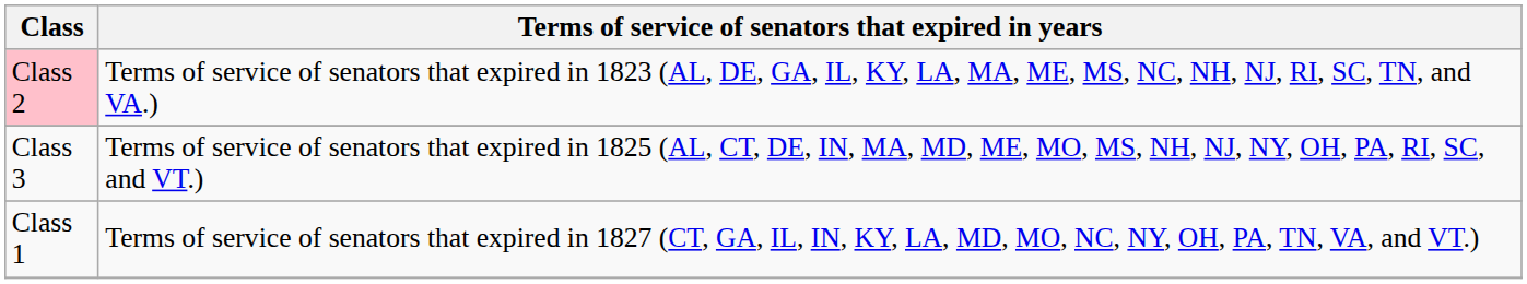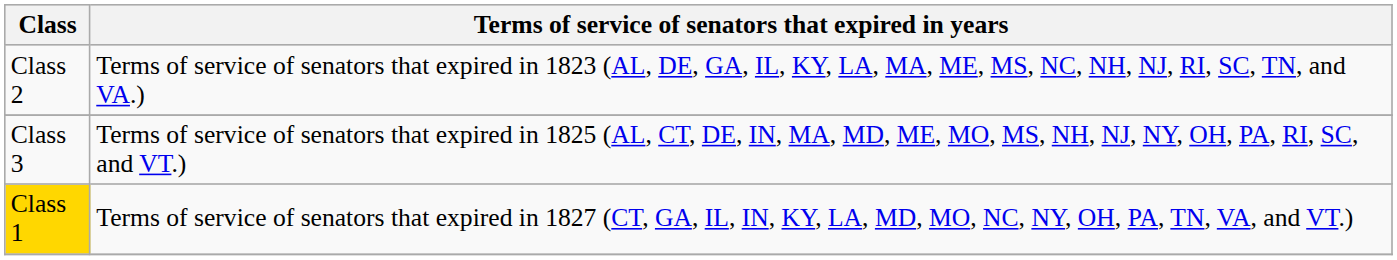 <table class="wikitable sortable">
 <tr valign=bottom>
 <th>Class</th>
 <th>Terms of service of senators that expired in years</th>
 </tr>
 <tr>
-<td style="background: pink;">Class 2</td>
+<td>Class 2</td>
 <td>Terms of service of senators that expired in 1823 (<a href='#'>AL</a>, <a href='#'>DE</a>, <a href='#'>GA</a>, <a href='#'>IL</a>, <a href='#'>KY</a>, <a href='#'>LA</a>, <a href='#'>MA</a>, <a href='#'>ME</a>, <a href='#'>MS</a>, <a href='#'>NC</a>, <a href='#'>NH</a>, <a href='#'>NJ</a>, <a href='#'>RI</a>, <a href='#'>SC</a>, <a href='#'>TN</a>, and <a href='#'>VA</a>.)</td>
 </tr>
 <tr>
 </tr>
 <tr>
 <td>Class 3</td>
 <td>Terms of service of senators that expired in 1825 (<a href='#'>AL</a>, <a href='#'>CT</a>, <a href='#'>DE</a>, <a href='#'>IN</a>, <a href='#'>MA</a>, <a href='#'>MD</a>, <a href='#'>ME</a>, <a href='#'>MO</a>, <a href='#'>MS</a>, <a href='#'>NH</a>, <a href='#'>NJ</a>, <a href='#'>NY</a>, <a href='#'>OH</a>, <a href='#'>PA</a>, <a href='#'>RI</a>, <a href='#'>SC</a>, and <a href='#'>VT</a>.)</td>
 </tr>
 <tr>
-<td>Class 1</td>
+<td style="background: gold;">Class 1</td>
 <td>Terms of service of senators that expired in 1827 (<a href='#'>CT</a>, <a href='#'>GA</a>, <a href='#'>IL</a>, <a href='#'>IN</a>, <a href='#'>KY</a>, <a href='#'>LA</a>, <a href='#'>MD</a>, <a href='#'>MO</a>, <a href='#'>NC</a>, <a href='#'>NY</a>, <a href='#'>OH</a>, <a href='#'>PA</a>, <a href='#'>TN</a>, <a href='#'>VA</a>, and <a href='#'>VT</a>.)</td>
 </tr>
 <tr>
 </tr>
 </table>
